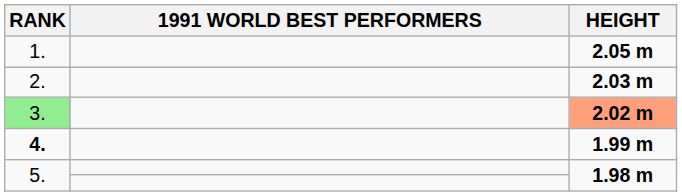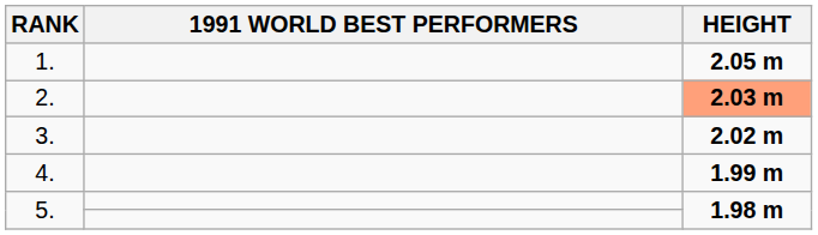 <table class="wikitable" style="border-collapse: collapse; font-size: 90%;">
 <tr>
 <th>RANK</th>
 <th align="center" style="width: 25em">1991 WORLD BEST PERFORMERS</th>
 <th align="center" style="width: 5em">HEIGHT</th>
 </tr>
 <tr>
 <td align="center">1.</td>
 <td></td>
 <td align="center"><strong>2.05 m</strong></td>
 </tr>
 <tr>
 <td align="center">2.</td>
 <td></td>
-<td align="center"><strong>2.03 m</strong></td>
+<td align="center" style="background: lightsalmon;"><strong>2.03 m</strong></td>
 </tr>
 <tr>
-<td align="center" style="background: lightgreen;">3.</td>
+<td align="center">3.</td>
 <td></td>
-<td align="center" style="background: lightsalmon;"><strong>2.02 m</strong></td>
+<td align="center"><strong>2.02 m</strong></td>
 </tr>
 <tr>
-<td align="center"><strong>4.</strong></td>
+<td align="center">4.</td>
 <td></td>
 <td align="center"><strong>1.99 m</strong></td>
 </tr>
 <tr>
 <td rowspan=2 align="center">5.</td>
 <td></td>
 <td rowspan=2 align="center"><strong>1.98 m</strong></td>
 </tr>
 <tr>
 <td></td>
 </tr>
 </table>
